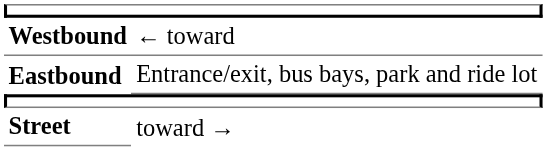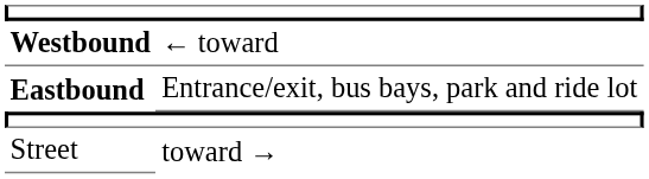 <table table border=0 cellspacing=0 cellpadding=3>
 <tr>
 <td style="border-top:solid 1px gray;border-right:solid 2px black;border-left:solid 2px black;border-bottom:solid 2px black;text-align:center" colspan=2></td>
 </tr>
 <tr>
 <td style="border-bottom:solid 1px gray"><strong>Westbound</strong></td>
 <td style="border-bottom:solid 1px gray">←  toward  </td>
 </tr>
 <tr>
 <td><strong>Eastbound</strong></td>
 <td style="border-bottom:solid 1px gray" valign=top>Entrance/exit, bus bays, park and ride lot</td>
 </tr>
 <tr>
 <td style="border-right:solid 2px black;border-left:solid 2px black;border-top:solid 2px black;border-bottom:solid 1px gray;text-align:center" colspan=2></td>
 </tr>
 <tr>
-<td style="border-bottom:solid 1px gray" valign=top><strong>Street</strong></td>
+<td style="border-bottom:solid 1px gray" valign=top>Street</td>
 <td>  toward   →</td>
 </tr>
 </table>
